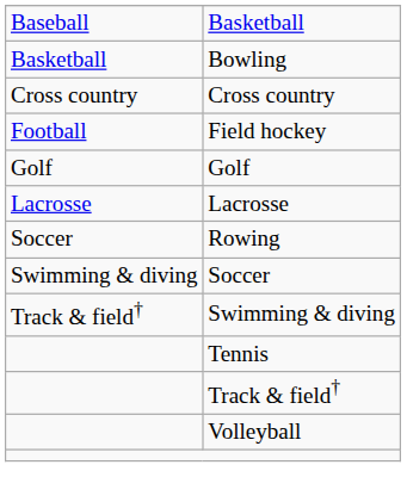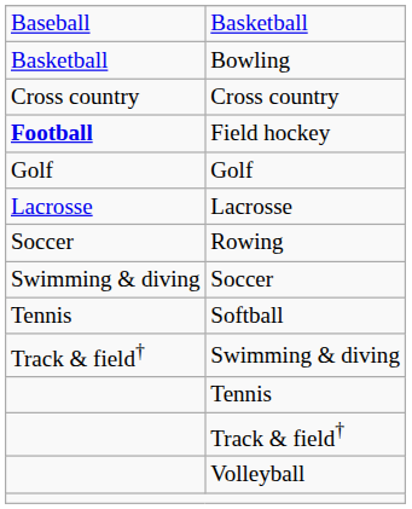 <table class="wikitable" style=" ">
 <tr>
 </tr>
 <tr>
 <td><a href='#'>Baseball</a></td>
 <td><a href='#'>Basketball</a></td>
 </tr>
 <tr>
 <td><a href='#'>Basketball</a></td>
 <td>Bowling</td>
 </tr>
 <tr>
 <td>Cross country</td>
 <td>Cross country</td>
 </tr>
 <tr>
-<td><a href='#'>Football</a></td>
+<td><strong><a href='#'>Football</a></strong></td>
 <td>Field hockey</td>
 </tr>
 <tr>
 <td>Golf</td>
 <td>Golf</td>
 </tr>
 <tr>
 <td><a href='#'>Lacrosse</a></td>
 <td>Lacrosse</td>
 </tr>
 <tr>
 <td>Soccer</td>
 <td>Rowing</td>
 </tr>
 <tr>
 <td>Swimming & diving</td>
 <td>Soccer</td>
+</tr>
+<tr>
+<td>Tennis</td>
+<td>Softball</td>
 </tr>
 <tr>
 <td>Track & field<sup>†</sup></td>
 <td>Swimming & diving</td>
 </tr>
 <tr>
 <td></td>
 <td>Tennis</td>
 </tr>
 <tr>
 <td></td>
 <td>Track & field<sup>†</sup></td>
 </tr>
 <tr>
 <td></td>
 <td>Volleyball</td>
 </tr>
 <tr>
 <td colspan="2"></td>
 </tr>
 </table>
